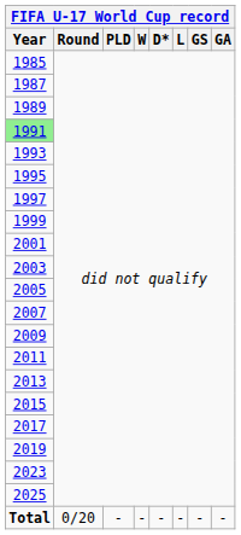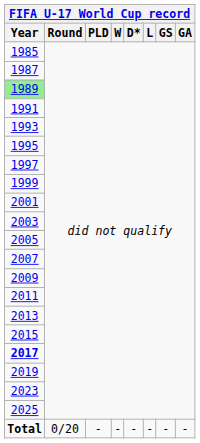 <table class="wikitable" style="text-align: center;">
 <tr>
 <th colspan=9><a href='#'>FIFA U-17 World Cup record</a></th>
 </tr>
 <tr>
 <th>Year</th>
 <th>Round</th>
 <th>PLD</th>
 <th>W</th>
 <th>D*</th>
 <th>L</th>
 <th>GS</th>
 <th>GA</th>
 </tr>
 <tr>
 <td> <a href='#'>1985</a></td>
 <td colspan=8 rowspan=20><em>did not qualify</em></td>
 </tr>
 <tr>
 <td> <a href='#'>1987</a></td>
 </tr>
 <tr>
-<td> <a href='#'>1989</a></td>
+<td style="background: lightgreen;"> <a href='#'>1989</a></td>
 </tr>
 <tr>
-<td style="background: lightgreen;"> <a href='#'>1991</a></td>
+<td> <a href='#'>1991</a></td>
 </tr>
 <tr>
 <td> <a href='#'>1993</a></td>
 </tr>
 <tr>
 <td> <a href='#'>1995</a></td>
 </tr>
 <tr>
 <td> <a href='#'>1997</a></td>
 </tr>
 <tr>
 <td> <a href='#'>1999</a></td>
 </tr>
 <tr>
 <td> <a href='#'>2001</a></td>
 </tr>
 <tr>
 <td> <a href='#'>2003</a></td>
 </tr>
 <tr>
 <td> <a href='#'>2005</a></td>
 </tr>
 <tr>
 <td> <a href='#'>2007</a></td>
 </tr>
 <tr>
 <td> <a href='#'>2009</a></td>
 </tr>
 <tr>
 <td> <a href='#'>2011</a></td>
 </tr>
 <tr>
 <td> <a href='#'>2013</a></td>
 </tr>
 <tr>
 <td> <a href='#'>2015</a></td>
 </tr>
 <tr>
-<td> <a href='#'>2017</a></td>
+<td><strong> <a href='#'>2017</a></strong></td>
 </tr>
 <tr>
 <td> <a href='#'>2019</a></td>
 </tr>
 <tr>
 <td> <a href='#'>2023</a></td>
 </tr>
 <tr>
 <td> <a href='#'>2025</a></td>
 </tr>
 <tr>
 <td><strong>Total</strong></td>
 <td>0/20</td>
 <td>-</td>
 <td>-</td>
 <td>-</td>
 <td>-</td>
 <td>-</td>
 <td>-</td>
 </tr>
 </table>
